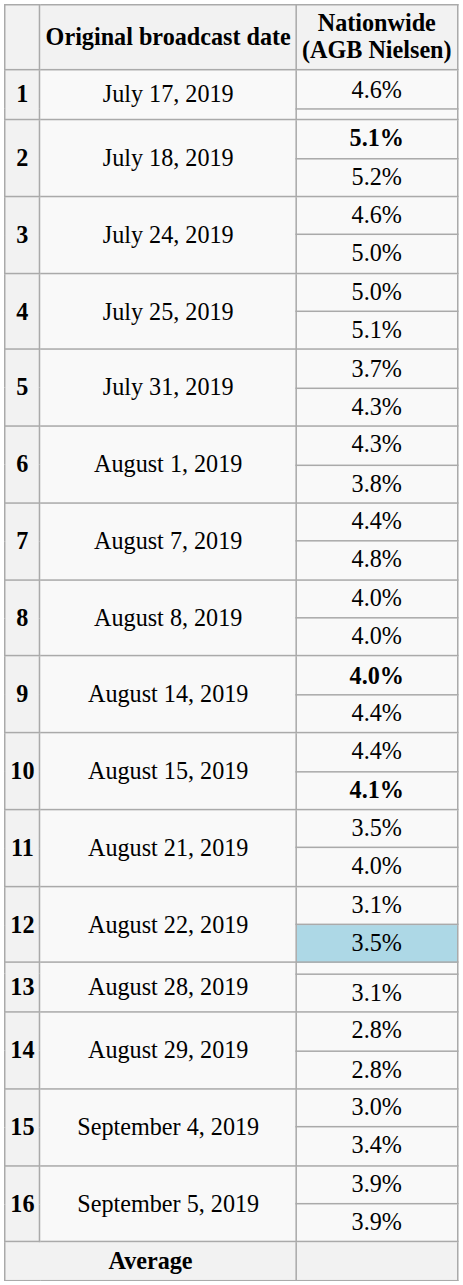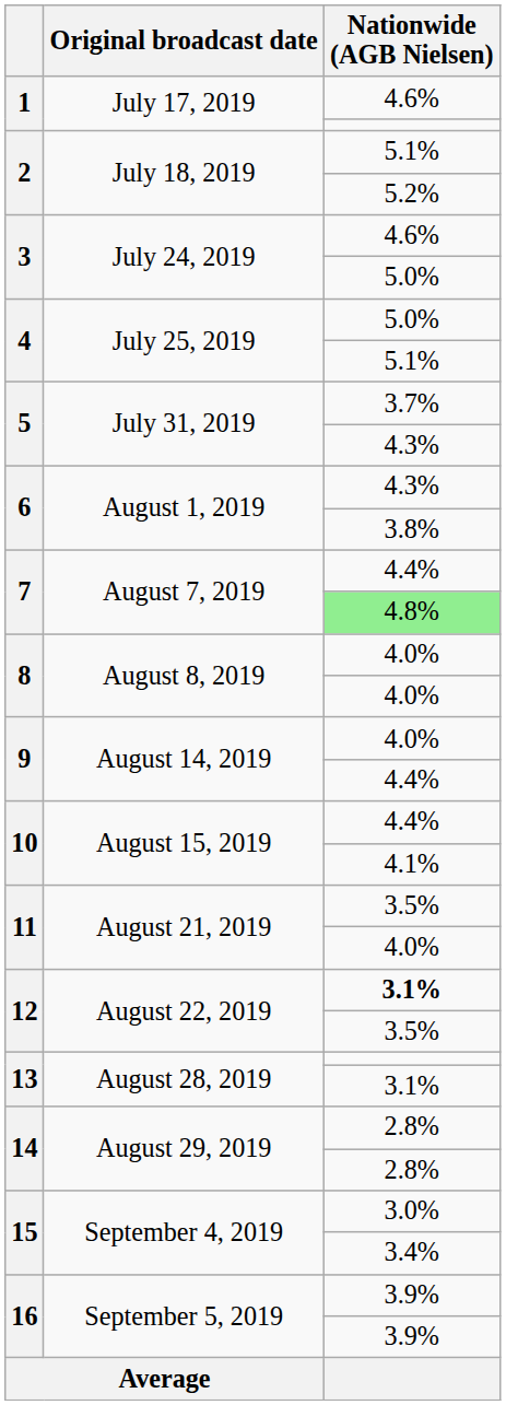 <table class="wikitable" style="text-align:center">
 <tr>
 <th></th>
 <th>Original broadcast date</th>
 <th>Nationwide<br>(AGB Nielsen)</th>
 </tr>
 <tr>
 <th rowspan="2">1</th>
 <td rowspan="2">July 17, 2019</td>
 <td>4.6%</td>
 </tr>
 <tr>
 <td></td>
 </tr>
 <tr>
 <th rowspan="2">2</th>
 <td rowspan="2">July 18, 2019</td>
-<td><strong>5.1%</strong></td>
+<td>5.1%</td>
 </tr>
 <tr>
 <td>5.2%</td>
 </tr>
 <tr>
 <th rowspan="2">3</th>
 <td rowspan="2">July 24, 2019</td>
 <td>4.6%</td>
 </tr>
 <tr>
 <td>5.0%</td>
 </tr>
 <tr>
 <th rowspan="2">4</th>
 <td rowspan="2">July 25, 2019</td>
 <td>5.0%</td>
 </tr>
 <tr>
 <td>5.1%</td>
 </tr>
 <tr>
 <th rowspan="2">5</th>
 <td rowspan="2">July 31, 2019</td>
 <td>3.7%</td>
 </tr>
 <tr>
 <td>4.3%</td>
 </tr>
 <tr>
 <th rowspan="2">6</th>
 <td rowspan="2">August 1, 2019</td>
 <td>4.3%</td>
 </tr>
 <tr>
 <td>3.8%</td>
 </tr>
 <tr>
 <th rowspan="2">7</th>
 <td rowspan="2">August 7, 2019</td>
 <td>4.4%</td>
 </tr>
 <tr>
-<td>4.8%</td>
+<td style="background: lightgreen;">4.8%</td>
 </tr>
 <tr>
 <th rowspan="2">8</th>
 <td rowspan="2">August 8, 2019</td>
 <td>4.0%</td>
 </tr>
 <tr>
 <td>4.0%</td>
 </tr>
 <tr>
 <th rowspan="2">9</th>
 <td rowspan="2">August 14, 2019</td>
-<td><strong>4.0%</strong></td>
+<td>4.0%</td>
 </tr>
 <tr>
 <td>4.4%</td>
 </tr>
 <tr>
 <th rowspan="2">10</th>
 <td rowspan="2">August 15, 2019</td>
 <td>4.4%</td>
 </tr>
 <tr>
-<td><strong>4.1%</strong></td>
+<td>4.1%</td>
 </tr>
 <tr>
 <th rowspan="2">11</th>
 <td rowspan="2">August 21, 2019</td>
 <td>3.5%</td>
 </tr>
 <tr>
 <td>4.0%</td>
 </tr>
 <tr>
 <th rowspan="2">12</th>
 <td rowspan="2">August 22, 2019</td>
-<td>3.1%</td>
+<td><strong>3.1%</strong></td>
 </tr>
 <tr>
-<td style="background: lightblue;">3.5%</td>
+<td>3.5%</td>
 </tr>
 <tr>
 <th rowspan="2">13</th>
 <td rowspan="2">August 28, 2019</td>
 <td></td>
 </tr>
 <tr>
 <td>3.1%</td>
 </tr>
 <tr>
 <th rowspan="2">14</th>
 <td rowspan="2">August 29, 2019</td>
 <td>2.8%</td>
 </tr>
 <tr>
 <td>2.8%</td>
 </tr>
 <tr>
 <th rowspan="2">15</th>
 <td rowspan="2">September 4, 2019</td>
 <td>3.0%</td>
 </tr>
 <tr>
 <td>3.4%</td>
 </tr>
 <tr>
 <th rowspan="2">16</th>
 <td rowspan="2">September 5, 2019</td>
 <td>3.9%</td>
 </tr>
 <tr>
 <td>3.9%</td>
 </tr>
 <tr>
 <th colspan="2">Average</th>
 <th></th>
 </tr>
 </table>
